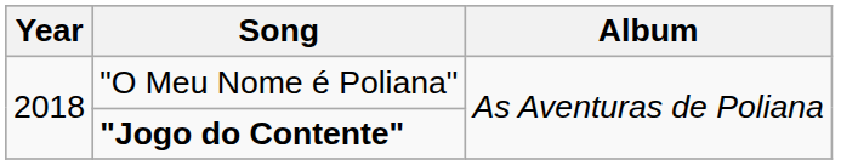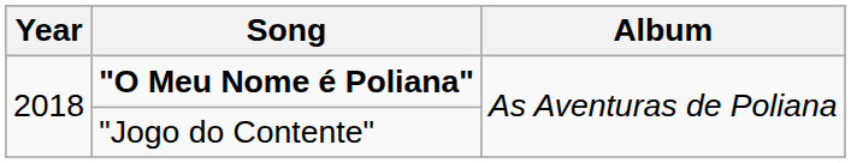 <table class="wikitable sortable">
 <tr>
 <th>Year</th>
 <th>Song</th>
 <th>Album</th>
 </tr>
 <tr>
 <td rowspan="2">2018</td>
-<td>"O Meu Nome é Poliana"</td>
+<td><strong>"O Meu Nome é Poliana"</strong></td>
 <td rowspan="2"><em>As Aventuras de Poliana</em></td>
 </tr>
 <tr>
-<td><strong>"Jogo do Contente"</strong></td>
+<td>"Jogo do Contente"</td>
 </tr>
 </table>
